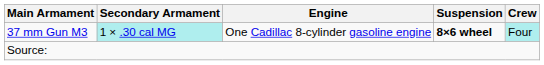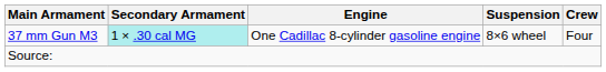 <table class="wikitable">
 <tr>
 <th>Main Armament</th>
 <th>Secondary Armament</th>
 <th>Engine</th>
 <th>Suspension</th>
 <th>Crew</th>
 </tr>
 <tr>
 <td><a href='#'>37 mm Gun M3</a></td>
 <td style="background: paleturquoise;">1 × <a href='#'>.30 cal MG</a></td>
 <td>One <a href='#'>Cadillac</a> 8-cylinder <a href='#'>gasoline engine</a></td>
-<td><strong>8×6 wheel</strong></td>
-<td style="background: paleturquoise;">Four</td>
+<td>8×6 wheel</td>
+<td>Four</td>
 </tr>
 <tr>
 <td colspan=5>Source: </td>
 </tr>
 </table>
